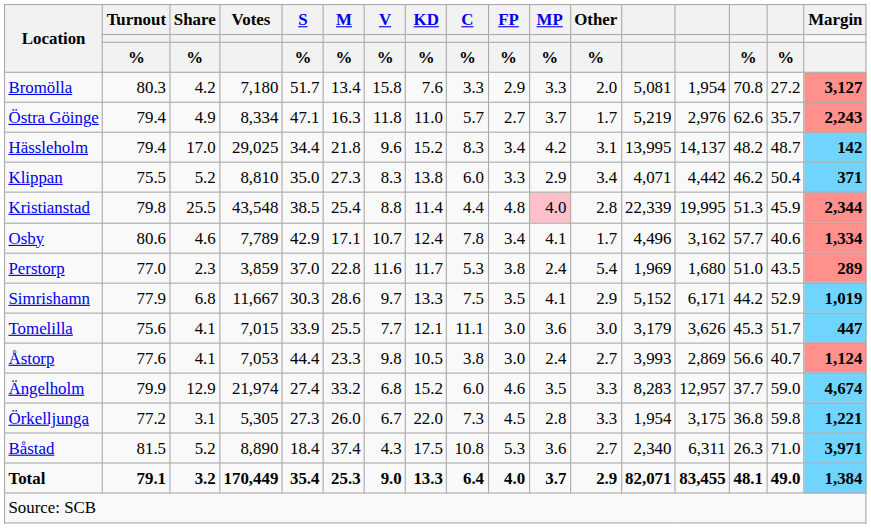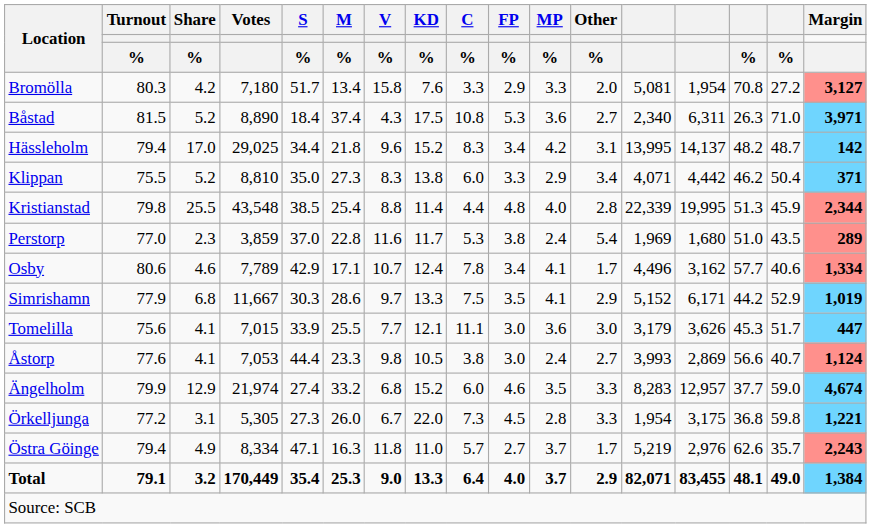 <table class="wikitable sortable" style="text-align:right; font-size:95%; line-height:20px;">
 <tr>
 <th rowspan="3">Location</th>
 <th>Turnout</th>
 <th>Share</th>
 <th>Votes</th>
 <th width="30px" class="unsortable"><a href='#'>S</a></th>
 <th width="30px" class="unsortable"><a href='#'>M</a></th>
 <th width="30px" class="unsortable"><a href='#'>V</a></th>
 <th width="30px" class="unsortable"><a href='#'>KD</a></th>
 <th width="30px" class="unsortable"><a href='#'>C</a></th>
 <th width="30px" class="unsortable"><a href='#'>FP</a></th>
 <th width="30px" class="unsortable"><a href='#'>MP</a></th>
 <th width="30px" class="unsortable">Other</th>
 <th></th>
 <th></th>
 <th></th>
 <th></th>
 <th>Margin</th>
 </tr>
 <tr>
 <th></th>
 <th></th>
 <th></th>
 <th style="background:"></th>
 <th style="background:"></th>
 <th style="background:"></th>
 <th style="background:"></th>
 <th style="background:"></th>
 <th style="background:"></th>
 <th style="background:"></th>
 <th style="background:"></th>
 <th style="background:"></th>
 <th style="background:"></th>
 <th style="background:"></th>
 <th style="background:"></th>
 </tr>
 <tr>
 <th data-sort-type="number">%</th>
 <th data-sort-type="number">%</th>
 <th></th>
 <th data-sort-type="number">%</th>
 <th data-sort-type="number">%</th>
 <th data-sort-type="number">%</th>
 <th data-sort-type="number">%</th>
 <th data-sort-type="number">%</th>
 <th data-sort-type="number">%</th>
 <th data-sort-type="number">%</th>
 <th data-sort-type="number">%</th>
 <th data-sort-type="number"></th>
 <th data-sort-type="number"></th>
 <th data-sort-type="number">%</th>
 <th data-sort-type="number">%</th>
 <th data-sort-type="number"></th>
 </tr>
 <tr>
 <td align=left><a href='#'>Bromölla</a></td>
 <td>80.3</td>
 <td>4.2</td>
 <td>7,180</td>
 <td>51.7</td>
 <td>13.4</td>
 <td>15.8</td>
 <td>7.6</td>
 <td>3.3</td>
 <td>2.9</td>
 <td>3.3</td>
 <td>2.0</td>
 <td>5,081</td>
 <td>1,954</td>
 <td>70.8</td>
 <td>27.2</td>
 <td bgcolor=#ff908c><strong>3,127</strong></td>
 </tr>
 <tr>
-<td align=left><a href='#'>Östra Göinge</a></td>
-<td>79.4</td>
-<td>4.9</td>
-<td>8,334</td>
-<td>47.1</td>
-<td>16.3</td>
-<td>11.8</td>
-<td>11.0</td>
-<td>5.7</td>
+<td align=left><a href='#'>Båstad</a></td>
+<td>81.5</td>
+<td>5.2</td>
+<td>8,890</td>
+<td>18.4</td>
+<td>37.4</td>
+<td>4.3</td>
+<td>17.5</td>
+<td>10.8</td>
+<td>5.3</td>
+<td>3.6</td>
 <td>2.7</td>
-<td>3.7</td>
-<td>1.7</td>
-<td>5,219</td>
-<td>2,976</td>
-<td>62.6</td>
-<td>35.7</td>
-<td bgcolor=#ff908c><strong>2,243</strong></td>
+<td>2,340</td>
+<td>6,311</td>
+<td>26.3</td>
+<td>71.0</td>
+<td bgcolor=#6fd5fe><strong>3,971</strong></td>
 </tr>
 <tr>
 <td align=left><a href='#'>Hässleholm</a></td>
 <td>79.4</td>
 <td>17.0</td>
 <td>29,025</td>
 <td>34.4</td>
 <td>21.8</td>
 <td>9.6</td>
 <td>15.2</td>
 <td>8.3</td>
 <td>3.4</td>
 <td>4.2</td>
 <td>3.1</td>
 <td>13,995</td>
 <td>14,137</td>
 <td>48.2</td>
 <td>48.7</td>
 <td bgcolor=#6fd5fe><strong>142</strong></td>
 </tr>
 <tr>
 <td align=left><a href='#'>Klippan</a></td>
 <td>75.5</td>
 <td>5.2</td>
 <td>8,810</td>
 <td>35.0</td>
 <td>27.3</td>
 <td>8.3</td>
 <td>13.8</td>
 <td>6.0</td>
 <td>3.3</td>
 <td>2.9</td>
 <td>3.4</td>
 <td>4,071</td>
 <td>4,442</td>
 <td>46.2</td>
 <td>50.4</td>
 <td bgcolor=#6fd5fe><strong>371</strong></td>
 </tr>
 <tr>
 <td align=left><a href='#'>Kristianstad</a></td>
 <td>79.8</td>
 <td>25.5</td>
 <td>43,548</td>
 <td>38.5</td>
 <td>25.4</td>
 <td>8.8</td>
 <td>11.4</td>
 <td>4.4</td>
 <td>4.8</td>
-<td style="background: pink;">4.0</td>
+<td>4.0</td>
 <td>2.8</td>
 <td>22,339</td>
 <td>19,995</td>
 <td>51.3</td>
 <td>45.9</td>
 <td bgcolor=#ff908c><strong>2,344</strong></td>
+</tr>
+<tr>
+<td align=left><a href='#'>Perstorp</a></td>
+<td>77.0</td>
+<td>2.3</td>
+<td>3,859</td>
+<td>37.0</td>
+<td>22.8</td>
+<td>11.6</td>
+<td>11.7</td>
+<td>5.3</td>
+<td>3.8</td>
+<td>2.4</td>
+<td>5.4</td>
+<td>1,969</td>
+<td>1,680</td>
+<td>51.0</td>
+<td>43.5</td>
+<td bgcolor=#ff908c><strong>289</strong></td>
 </tr>
 <tr>
 <td align=left><a href='#'>Osby</a></td>
 <td>80.6</td>
 <td>4.6</td>
 <td>7,789</td>
 <td>42.9</td>
 <td>17.1</td>
 <td>10.7</td>
 <td>12.4</td>
 <td>7.8</td>
 <td>3.4</td>
 <td>4.1</td>
 <td>1.7</td>
 <td>4,496</td>
 <td>3,162</td>
 <td>57.7</td>
 <td>40.6</td>
 <td bgcolor=#ff908c><strong>1,334</strong></td>
-</tr>
-<tr>
-<td align=left><a href='#'>Perstorp</a></td>
-<td>77.0</td>
-<td>2.3</td>
-<td>3,859</td>
-<td>37.0</td>
-<td>22.8</td>
-<td>11.6</td>
-<td>11.7</td>
-<td>5.3</td>
-<td>3.8</td>
-<td>2.4</td>
-<td>5.4</td>
-<td>1,969</td>
-<td>1,680</td>
-<td>51.0</td>
-<td>43.5</td>
-<td bgcolor=#ff908c><strong>289</strong></td>
 </tr>
 <tr>
 <td align=left><a href='#'>Simrishamn</a></td>
 <td>77.9</td>
 <td>6.8</td>
 <td>11,667</td>
 <td>30.3</td>
 <td>28.6</td>
 <td>9.7</td>
 <td>13.3</td>
 <td>7.5</td>
 <td>3.5</td>
 <td>4.1</td>
 <td>2.9</td>
 <td>5,152</td>
 <td>6,171</td>
 <td>44.2</td>
 <td>52.9</td>
 <td bgcolor=#6fd5fe><strong>1,019</strong></td>
 </tr>
 <tr>
 <td align=left><a href='#'>Tomelilla</a></td>
 <td>75.6</td>
 <td>4.1</td>
 <td>7,015</td>
 <td>33.9</td>
 <td>25.5</td>
 <td>7.7</td>
 <td>12.1</td>
 <td>11.1</td>
 <td>3.0</td>
 <td>3.6</td>
 <td>3.0</td>
 <td>3,179</td>
 <td>3,626</td>
 <td>45.3</td>
 <td>51.7</td>
 <td bgcolor=#6fd5fe><strong>447</strong></td>
 </tr>
 <tr>
 <td align=left><a href='#'>Åstorp</a></td>
 <td>77.6</td>
 <td>4.1</td>
 <td>7,053</td>
 <td>44.4</td>
 <td>23.3</td>
 <td>9.8</td>
 <td>10.5</td>
 <td>3.8</td>
 <td>3.0</td>
 <td>2.4</td>
 <td>2.7</td>
 <td>3,993</td>
 <td>2,869</td>
 <td>56.6</td>
 <td>40.7</td>
 <td bgcolor=#ff908c><strong>1,124</strong></td>
 </tr>
 <tr>
 <td align=left><a href='#'>Ängelholm</a></td>
 <td>79.9</td>
 <td>12.9</td>
 <td>21,974</td>
 <td>27.4</td>
 <td>33.2</td>
 <td>6.8</td>
 <td>15.2</td>
 <td>6.0</td>
 <td>4.6</td>
 <td>3.5</td>
 <td>3.3</td>
 <td>8,283</td>
 <td>12,957</td>
 <td>37.7</td>
 <td>59.0</td>
 <td bgcolor=#6fd5fe><strong>4,674</strong></td>
 </tr>
 <tr>
 <td align=left><a href='#'>Örkelljunga</a></td>
 <td>77.2</td>
 <td>3.1</td>
 <td>5,305</td>
 <td>27.3</td>
 <td>26.0</td>
 <td>6.7</td>
 <td>22.0</td>
 <td>7.3</td>
 <td>4.5</td>
 <td>2.8</td>
 <td>3.3</td>
 <td>1,954</td>
 <td>3,175</td>
 <td>36.8</td>
 <td>59.8</td>
 <td bgcolor=#6fd5fe><strong>1,221</strong></td>
 </tr>
 <tr>
-<td align=left><a href='#'>Båstad</a></td>
-<td>81.5</td>
-<td>5.2</td>
-<td>8,890</td>
-<td>18.4</td>
-<td>37.4</td>
-<td>4.3</td>
-<td>17.5</td>
-<td>10.8</td>
-<td>5.3</td>
-<td>3.6</td>
+<td align=left><a href='#'>Östra Göinge</a></td>
+<td>79.4</td>
+<td>4.9</td>
+<td>8,334</td>
+<td>47.1</td>
+<td>16.3</td>
+<td>11.8</td>
+<td>11.0</td>
+<td>5.7</td>
 <td>2.7</td>
-<td>2,340</td>
-<td>6,311</td>
-<td>26.3</td>
-<td>71.0</td>
-<td bgcolor=#6fd5fe><strong>3,971</strong></td>
+<td>3.7</td>
+<td>1.7</td>
+<td>5,219</td>
+<td>2,976</td>
+<td>62.6</td>
+<td>35.7</td>
+<td bgcolor=#ff908c><strong>2,243</strong></td>
 </tr>
 <tr>
 <td align=left><strong>Total</strong></td>
 <td><strong>79.1</strong></td>
 <td><strong>3.2</strong></td>
 <td><strong>170,449</strong></td>
 <td><strong>35.4</strong></td>
 <td><strong>25.3</strong></td>
 <td><strong>9.0</strong></td>
 <td><strong>13.3</strong></td>
 <td><strong>6.4</strong></td>
 <td><strong>4.0</strong></td>
 <td><strong>3.7</strong></td>
 <td><strong>2.9</strong></td>
 <td><strong>82,071</strong></td>
 <td><strong>83,455</strong></td>
 <td><strong>48.1</strong></td>
 <td><strong>49.0</strong></td>
 <td bgcolor=#6fd5fe><strong>1,384</strong></td>
 </tr>
 <tr>
 <td align=left colspan=17>Source: SCB </td>
 </tr>
 </table>
